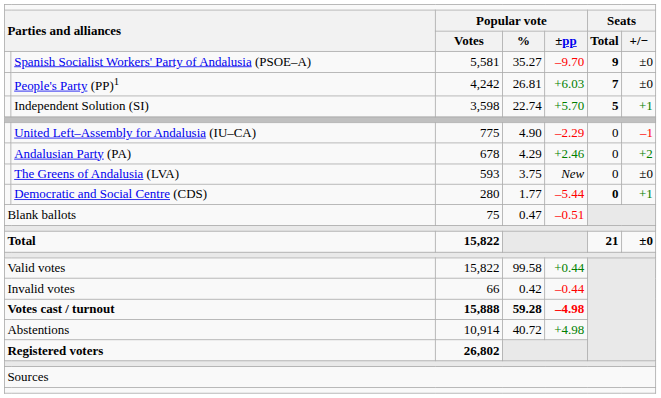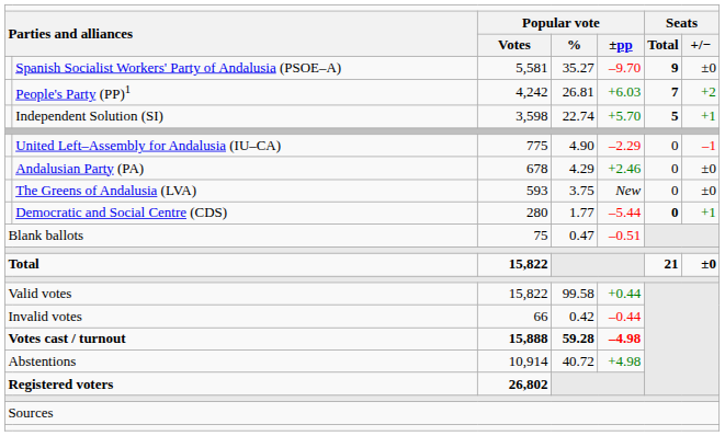 <table class="wikitable" style="text-align:right;">
 <tr>
 <td colspan="7"></td>
 </tr>
 <tr>
 <th style="text-align:left;" rowspan="2" colspan="2" width="525">Parties and alliances</th>
 <th colspan="3">Popular vote</th>
 <th colspan="2">Seats</th>
 </tr>
 <tr>
 <th width="75">Votes</th>
 <th width="45">%</th>
 <th width="45">±<a href='#'>pp</a></th>
 <th width="35">Total</th>
 <th width="35">+/−</th>
 </tr>
 <tr>
 <td width="1" style="color:inherit;background:"></td>
 <td align="left"><a href='#'>Spanish Socialist Workers' Party of Andalusia</a> (PSOE–A)</td>
 <td>5,581</td>
 <td>35.27</td>
 <td style="color:red;">–9.70</td>
 <td><strong>9</strong></td>
 <td>±0</td>
 </tr>
 <tr>
 <td style="color:inherit;background:"></td>
 <td align="left"><a href='#'>People's Party</a> (PP)<sup>1</sup></td>
 <td>4,242</td>
 <td>26.81</td>
 <td style="color:green;">+6.03</td>
 <td><strong>7</strong></td>
-<td>±0</td>
+<td style="color:green;">+2</td>
 </tr>
 <tr>
 <td style="color:inherit;background:"></td>
 <td align="left">Independent Solution (SI)</td>
 <td>3,598</td>
 <td>22.74</td>
 <td style="color:green;">+5.70</td>
 <td><strong>5</strong></td>
 <td style="color:green;">+1</td>
 </tr>
 <tr>
 <td colspan="7" bgcolor="#C0C0C0"></td>
 </tr>
 <tr>
 <td style="color:inherit;background:"></td>
 <td align="left"><a href='#'>United Left–Assembly for Andalusia</a> (IU–CA)</td>
 <td>775</td>
 <td>4.90</td>
 <td style="color:red;">–2.29</td>
 <td>0</td>
 <td style="color:red;">–1</td>
 </tr>
 <tr>
 <td style="color:inherit;background:"></td>
 <td align="left"><a href='#'>Andalusian Party</a> (PA)</td>
 <td>678</td>
 <td>4.29</td>
 <td style="color:green;">+2.46</td>
 <td>0</td>
-<td style="color:green;">+2</td>
+<td>±0</td>
 </tr>
 <tr>
 <td style="color:inherit;background:"></td>
 <td align="left"><a href='#'>The Greens of Andalusia</a> (LVA)</td>
 <td>593</td>
 <td>3.75</td>
 <td><em>New</em></td>
 <td>0</td>
 <td>±0</td>
 </tr>
 <tr>
 <td style="color:inherit;background:"></td>
 <td align="left"><a href='#'>Democratic and Social Centre</a> (CDS)</td>
 <td>280</td>
 <td>1.77</td>
 <td style="color:red;">–5.44</td>
 <td><strong>0</strong></td>
 <td style="color:green;">+1</td>
 </tr>
 <tr>
 <td align="left" colspan="2">Blank ballots</td>
 <td>75</td>
 <td>0.47</td>
 <td style="color:red;">–0.51</td>
 <td bgcolor="#E9E9E9" colspan="2"></td>
 </tr>
 <tr>
 <td colspan="7" bgcolor="#E9E9E9"></td>
 </tr>
 <tr style="font-weight:bold;">
 <td align="left" colspan="2">Total</td>
 <td>15,822</td>
 <td bgcolor="#E9E9E9" colspan="2"></td>
 <td>21</td>
 <td>±0</td>
 </tr>
 <tr>
 <td colspan="7" bgcolor="#E9E9E9"></td>
 </tr>
 <tr>
 <td align="left" colspan="2">Valid votes</td>
 <td>15,822</td>
 <td>99.58</td>
 <td style="color:green;">+0.44</td>
 <td bgcolor="#E9E9E9" colspan="2" rowspan="5"></td>
 </tr>
 <tr>
 <td align="left" colspan="2">Invalid votes</td>
 <td>66</td>
 <td>0.42</td>
 <td style="color:red;">–0.44</td>
 </tr>
 <tr style="font-weight:bold;">
 <td align="left" colspan="2">Votes cast / turnout</td>
 <td>15,888</td>
 <td>59.28</td>
 <td style="color:red;">–4.98</td>
 </tr>
 <tr>
 <td align="left" colspan="2">Abstentions</td>
 <td>10,914</td>
 <td>40.72</td>
 <td style="color:green;">+4.98</td>
 </tr>
 <tr style="font-weight:bold;">
 <td align="left" colspan="2">Registered voters</td>
 <td>26,802</td>
 <td bgcolor="#E9E9E9" colspan="2"></td>
 </tr>
 <tr>
 <td colspan="7" bgcolor="#E9E9E9"></td>
 </tr>
 <tr>
 <td align="left" colspan="7">Sources</td>
 </tr>
 <tr>
 <td colspan="7" style="text-align:left; max-width:790px;"></td>
 </tr>
 </table>
